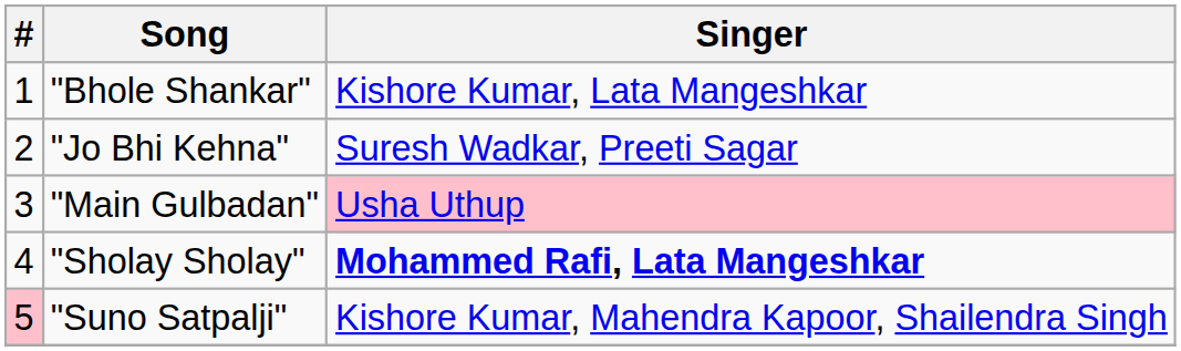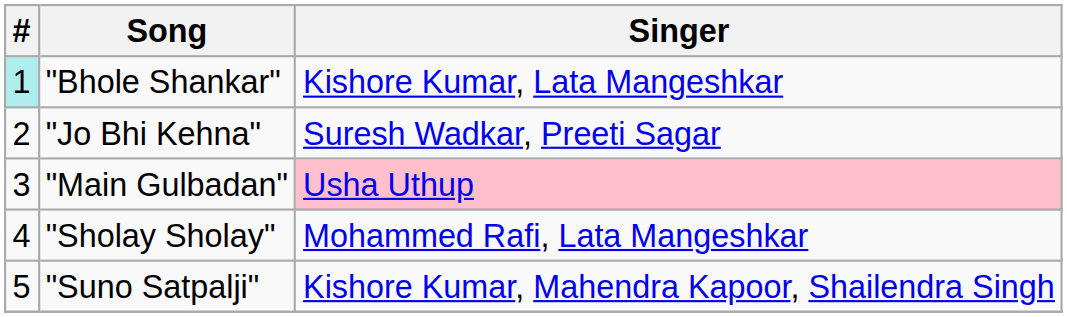 <table class="wikitable" style="font-size:95%;">
 <tr>
 <th>#</th>
 <th>Song</th>
 <th>Singer</th>
 </tr>
 <tr>
-<td>1</td>
+<td style="background: paleturquoise;">1</td>
 <td>"Bhole Shankar"</td>
 <td><a href='#'>Kishore Kumar</a>, <a href='#'>Lata Mangeshkar</a></td>
 </tr>
 <tr>
 <td>2</td>
 <td>"Jo Bhi Kehna"</td>
 <td><a href='#'>Suresh Wadkar</a>, <a href='#'>Preeti Sagar</a></td>
 </tr>
 <tr>
 <td>3</td>
 <td>"Main Gulbadan"</td>
 <td style="background: pink;"><a href='#'>Usha Uthup</a></td>
 </tr>
 <tr>
 <td>4</td>
 <td>"Sholay Sholay"</td>
-<td><strong><a href='#'>Mohammed Rafi</a>, <a href='#'>Lata Mangeshkar</a></strong></td>
+<td><a href='#'>Mohammed Rafi</a>, <a href='#'>Lata Mangeshkar</a></td>
 </tr>
 <tr>
-<td style="background: pink;">5</td>
+<td>5</td>
 <td>"Suno Satpalji"</td>
 <td><a href='#'>Kishore Kumar</a>, <a href='#'>Mahendra Kapoor</a>, <a href='#'>Shailendra Singh</a></td>
 </tr>
 <tr>
 </tr>
 </table>
